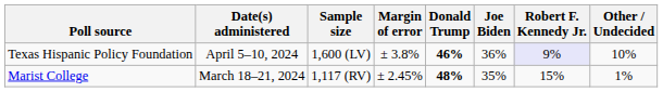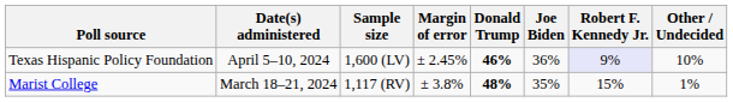 <table class="wikitable sortable mw-datatable" style="font-size:90%;text-align:center;line-height:17px">
 <tr style="vertical-align:bottom">
 <th>Poll source</th>
 <th>Date(s)<br>administered</th>
 <th>Sample<br>size</th>
 <th>Margin<br>of error</th>
 <th class="unsortable">Donald<br>Trump<br></th>
 <th class="unsortable">Joe<br>Biden<br></th>
 <th class="unsortable">Robert F.<br>Kennedy Jr.<br></th>
 <th class="unsortable">Other /<br>Undecided</th>
 </tr>
 <tr>
 <td style="text-align:left;">Texas Hispanic Policy Foundation</td>
 <td data-sort-value="2024-04-16">April 5–10, 2024</td>
 <td>1,600 (LV)</td>
-<td>± 3.8%</td>
+<td>± 2.45%</td>
 <td style="background-color:"><strong>46%</strong></td>
 <td>36%</td>
 <td style="background: lavender;">9%</td>
 <td>10%</td>
 </tr>
 <tr>
 <td style="text-align:left;"><a href='#'>Marist College</a></td>
 <td data-sort-value="2024-03-26">March 18–21, 2024</td>
 <td>1,117 (RV)</td>
-<td>± 2.45%</td>
+<td>± 3.8%</td>
 <td style="background-color:"><strong>48%</strong></td>
 <td>35%</td>
 <td>15%</td>
 <td>1%</td>
 </tr>
 </table>
